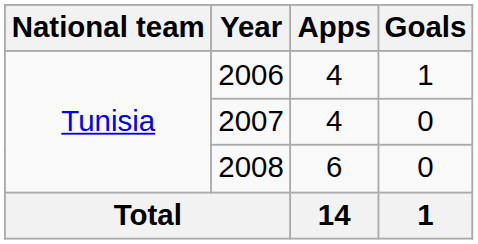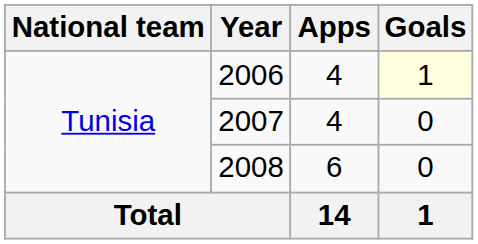 <table class="wikitable" style="text-align:center">
 <tr>
 <th>National team</th>
 <th>Year</th>
 <th>Apps</th>
 <th>Goals</th>
 </tr>
 <tr>
 <td rowspan="3"><a href='#'>Tunisia</a></td>
 <td>2006</td>
 <td>4</td>
-<td>1</td>
+<td style="background: lightyellow;">1</td>
 </tr>
 <tr>
 <td>2007</td>
 <td>4</td>
 <td>0</td>
 </tr>
 <tr>
 <td>2008</td>
 <td>6</td>
 <td>0</td>
 </tr>
 <tr>
 <th colspan="2">Total</th>
 <th>14</th>
 <th>1</th>
 </tr>
 </table>
